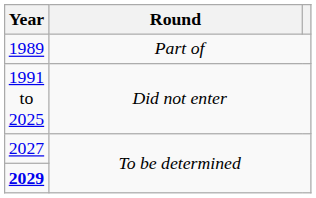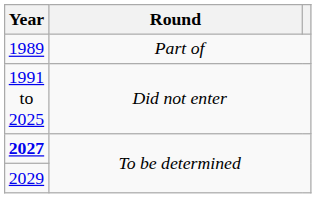 <table class="wikitable" style="text-align: center; font-size:90%">
 <tr>
 <th>Year</th>
 <th style="width:200px">Round</th>
 <th></th>
 </tr>
 <tr>
 <td><a href='#'>1989</a></td>
 <td colspan="2"><em>Part of </em></td>
 </tr>
 <tr>
 <td><a href='#'>1991</a><br>to<br><a href='#'>2025</a></td>
 <td colspan="2"><em>Did not enter</em></td>
 </tr>
 <tr>
-<td><a href='#'>2027</a></td>
+<td><strong><a href='#'>2027</a></strong></td>
 <td colspan="2" rowspan="2"><em>To be determined</em></td>
 </tr>
 <tr>
-<td><strong><a href='#'>2029</a></strong></td>
+<td><a href='#'>2029</a></td>
 </tr>
 </table>
